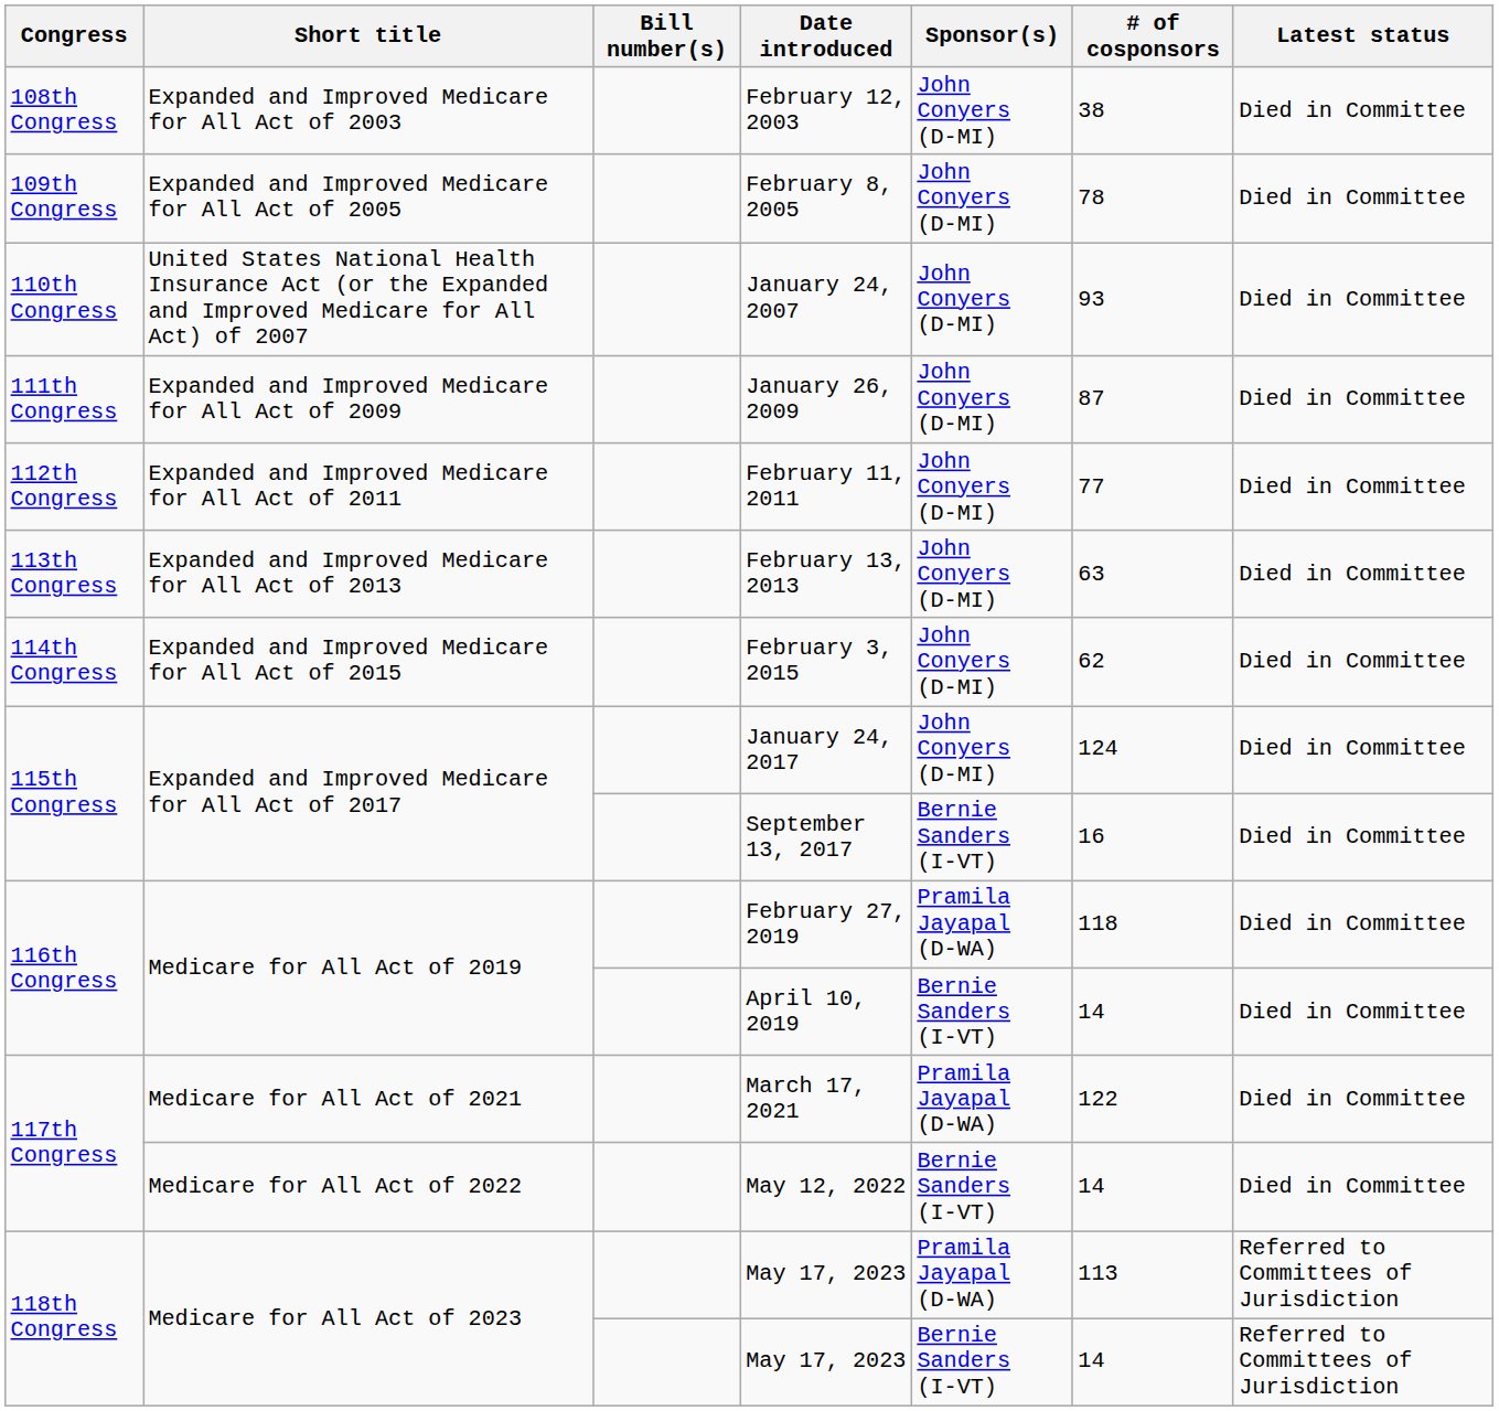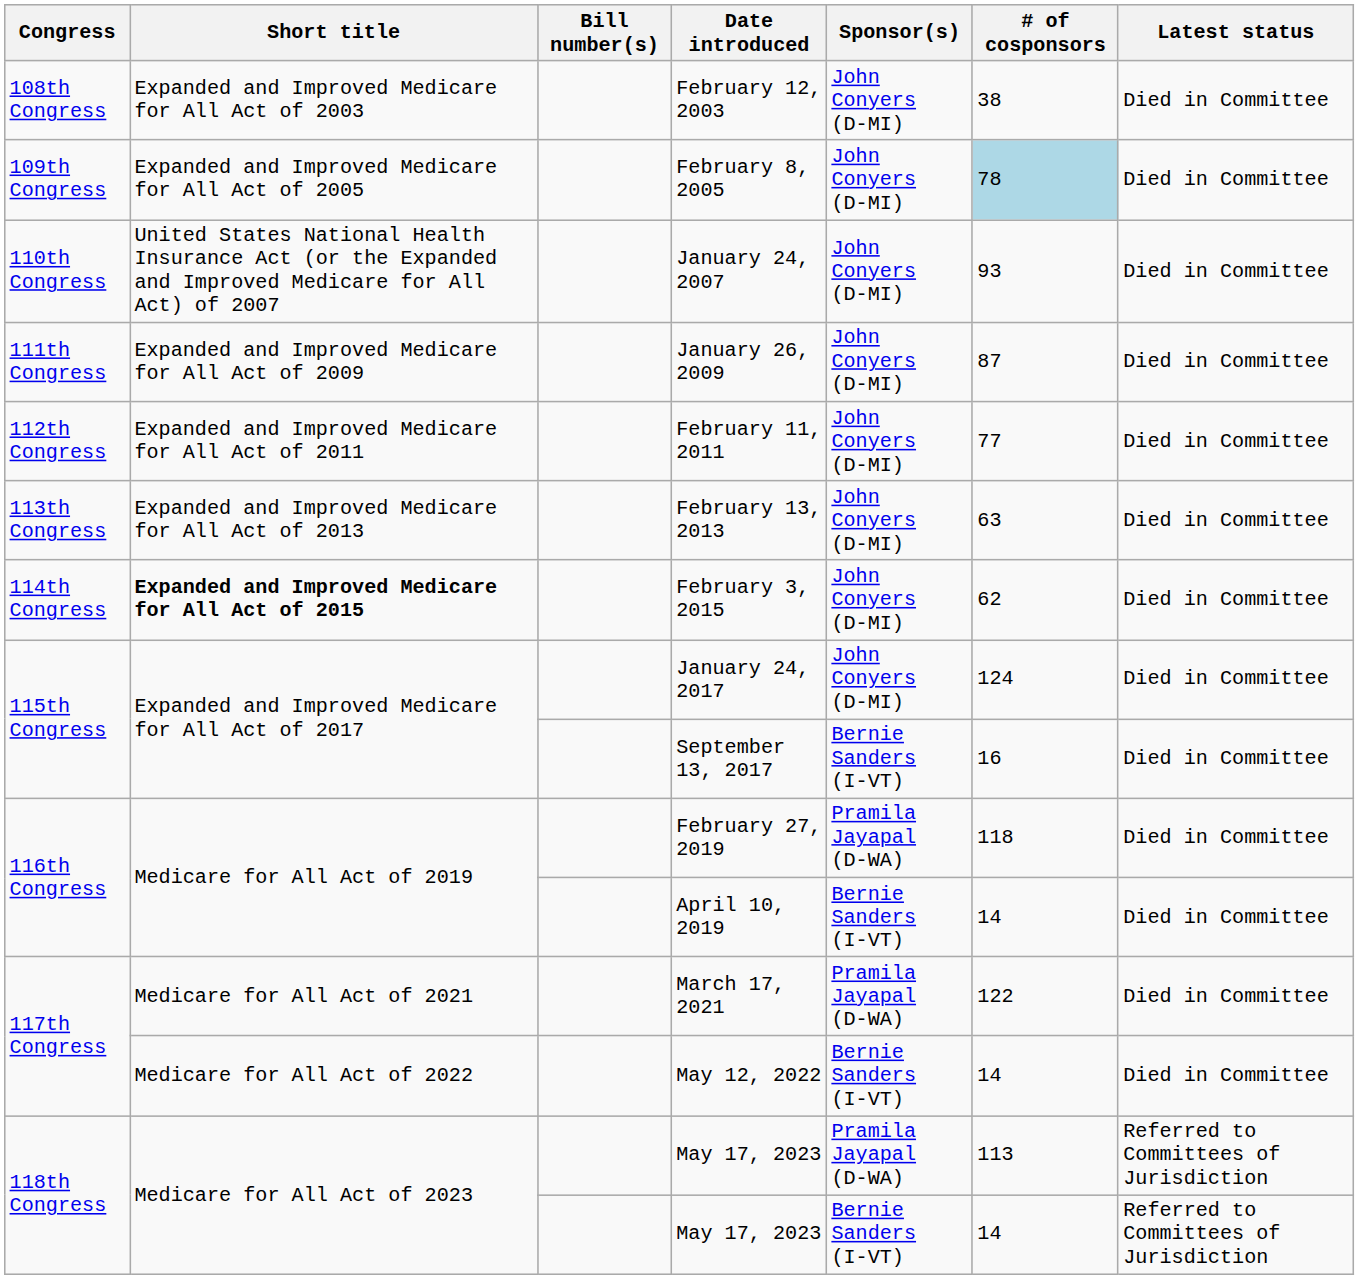 <table class="wikitable">
 <tr>
 <th>Congress</th>
 <th>Short title</th>
 <th>Bill number(s)</th>
 <th>Date introduced</th>
 <th>Sponsor(s)</th>
 <th># of cosponsors</th>
 <th>Latest status</th>
 </tr>
 <tr>
 <td><a href='#'>108th Congress</a></td>
 <td>Expanded and Improved Medicare for All Act of 2003</td>
 <td></td>
 <td>February 12, 2003</td>
 <td><a href='#'>John Conyers</a><br>(D-MI)</td>
 <td>38</td>
 <td>Died in Committee</td>
 </tr>
 <tr>
 <td><a href='#'>109th Congress</a></td>
 <td>Expanded and Improved Medicare for All Act of 2005</td>
 <td></td>
 <td>February 8, 2005</td>
 <td><a href='#'>John Conyers</a><br>(D-MI)</td>
-<td>78</td>
+<td style="background: lightblue;">78</td>
 <td>Died in Committee</td>
 </tr>
 <tr>
 <td><a href='#'>110th Congress</a></td>
 <td>United States National Health Insurance Act (or the Expanded and Improved Medicare for All Act) of 2007</td>
 <td></td>
 <td>January 24, 2007</td>
 <td><a href='#'>John Conyers</a><br>(D-MI)</td>
 <td>93</td>
 <td>Died in Committee</td>
 </tr>
 <tr>
 <td><a href='#'>111th Congress</a></td>
 <td>Expanded and Improved Medicare for All Act of 2009</td>
 <td></td>
 <td>January 26, 2009</td>
 <td><a href='#'>John Conyers</a><br>(D-MI)</td>
 <td>87</td>
 <td>Died in Committee</td>
 </tr>
 <tr>
 <td><a href='#'>112th Congress</a></td>
 <td>Expanded and Improved Medicare for All Act of 2011</td>
 <td></td>
 <td>February 11, 2011</td>
 <td><a href='#'>John Conyers</a><br>(D-MI)</td>
 <td>77</td>
 <td>Died in Committee</td>
 </tr>
 <tr>
 <td><a href='#'>113th Congress</a></td>
 <td>Expanded and Improved Medicare for All Act of 2013</td>
 <td></td>
 <td>February 13, 2013</td>
 <td><a href='#'>John Conyers</a><br>(D-MI)</td>
 <td>63</td>
 <td>Died in Committee</td>
 </tr>
 <tr>
 <td><a href='#'>114th Congress</a></td>
-<td>Expanded and Improved Medicare for All Act of 2015</td>
+<td><strong>Expanded and Improved Medicare for All Act of 2015</strong></td>
 <td></td>
 <td>February 3, 2015</td>
 <td><a href='#'>John Conyers</a><br>(D-MI)</td>
 <td>62</td>
 <td>Died in Committee</td>
 </tr>
 <tr>
 <td rowspan="2"><a href='#'>115th Congress</a></td>
 <td rowspan="2">Expanded and Improved Medicare for All Act of 2017</td>
 <td></td>
 <td>January 24, 2017</td>
 <td><a href='#'>John Conyers</a><br>(D-MI)</td>
 <td>124</td>
 <td>Died in Committee</td>
 </tr>
 <tr>
 <td></td>
 <td>September 13, 2017</td>
 <td><a href='#'>Bernie Sanders</a><br>(I-VT)</td>
 <td>16</td>
 <td>Died in Committee</td>
 </tr>
 <tr>
 <td rowspan="2"><a href='#'>116th Congress</a></td>
 <td rowspan="2">Medicare for All Act of 2019</td>
 <td></td>
 <td>February 27, 2019</td>
 <td><a href='#'>Pramila Jayapal</a><br>(D-WA)</td>
 <td>118</td>
 <td>Died in Committee</td>
 </tr>
 <tr>
 <td></td>
 <td>April 10, 2019</td>
 <td><a href='#'>Bernie Sanders</a><br>(I-VT)</td>
 <td>14</td>
 <td>Died in Committee</td>
 </tr>
 <tr>
 <td rowspan="2"><a href='#'>117th Congress</a></td>
 <td>Medicare for All Act of 2021</td>
 <td></td>
 <td>March 17, 2021</td>
 <td><a href='#'>Pramila Jayapal</a><br>(D-WA)</td>
 <td>122</td>
 <td>Died in Committee</td>
 </tr>
 <tr>
 <td>Medicare for All Act of 2022</td>
 <td></td>
 <td>May 12, 2022</td>
 <td><a href='#'>Bernie Sanders</a><br>(I-VT)</td>
 <td>14</td>
 <td>Died in Committee</td>
 </tr>
 <tr>
 <td rowspan="2"><a href='#'>118th Congress</a></td>
 <td rowspan="2">Medicare for All Act of 2023</td>
 <td></td>
 <td>May 17, 2023</td>
 <td><a href='#'>Pramila Jayapal</a><br>(D-WA)</td>
 <td>113</td>
 <td>Referred to Committees of Jurisdiction</td>
 </tr>
 <tr>
 <td></td>
 <td>May 17, 2023</td>
 <td><a href='#'>Bernie Sanders</a><br>(I-VT)</td>
 <td>14</td>
 <td>Referred to Committees of Jurisdiction</td>
 </tr>
 </table>
